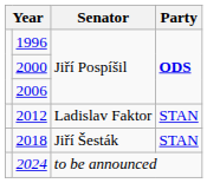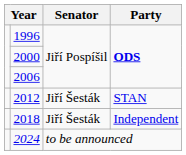 <table class="wikitable">
 <tr>
 <th colspan="2">Year</th>
 <th>Senator</th>
 <th>Party</th>
 </tr>
 <tr>
 <td rowspan="3" style="background-color:"></td>
 <td><a href='#'>1996</a></td>
 <td rowspan="3">Jiří Pospíšil</td>
 <td rowspan="3"><a href='#'><strong>ODS</strong></a></td>
 </tr>
 <tr>
 <td><a href='#'>2000</a></td>
 </tr>
 <tr>
 <td><a href='#'>2006</a></td>
 </tr>
 <tr>
 <td style="background-color:"></td>
 <td><a href='#'>2012</a></td>
-<td>Ladislav Faktor</td>
+<td>Jiří Šesták</td>
 <td><a href='#'>STAN</a></td>
 </tr>
 <tr>
 <td style="background-color:"></td>
 <td><a href='#'>2018</a></td>
 <td>Jiří Šesták</td>
-<td><a href='#'>STAN</a></td>
+<td><a href='#'>Independent</a></td>
 </tr>
 <tr>
 <td></td>
 <td><em><a href='#'>2024</a></em></td>
 <td colspan="2"><em>to be announced</em></td>
 </tr>
 </table>
